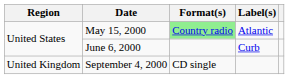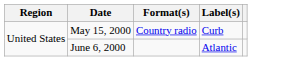 <table class="wikitable">
 <tr>
 <th>Region</th>
 <th>Date</th>
 <th>Format(s)</th>
 <th>Label(s)</th>
 <th></th>
 </tr>
 <tr>
 <td rowspan="2">United States</td>
 <td>May 15, 2000</td>
-<td style="background: lightgreen;"><a href='#'>Country radio</a></td>
-<td><a href='#'>Atlantic</a></td>
+<td><a href='#'>Country radio</a></td>
+<td><a href='#'>Curb</a></td>
 <td></td>
 </tr>
 <tr>
 <td>June 6, 2000</td>
 <td></td>
-<td><a href='#'>Curb</a></td>
-<td></td>
-</tr>
-<tr>
-<td>United Kingdom</td>
-<td>September 4, 2000</td>
-<td>CD single</td>
-<td></td>
+<td><a href='#'>Atlantic</a></td>
 <td></td>
 </tr>
 </table>
